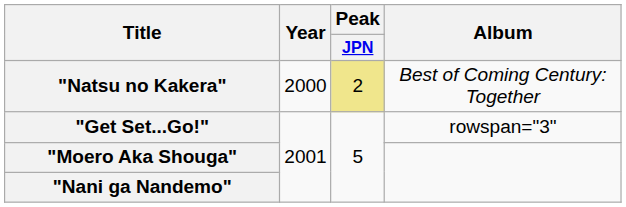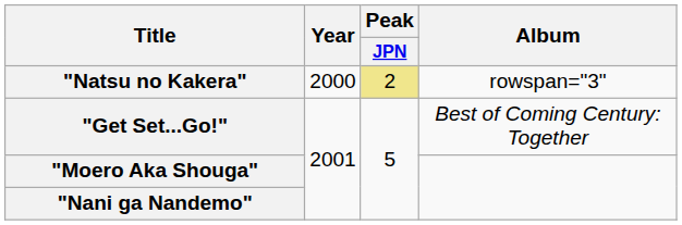 <table class="wikitable plainrowheaders" style="text-align:center;">
 <tr>
 <th scope="col" rowspan="2" style="width:14em;">Title</th>
 <th scope="col" rowspan="2" style="width:1em;">Year</th>
 <th scope="col" colspan="1" style="width:1em;">Peak</th>
 <th scope="col" rowspan="2" style="width:12em;">Album</th>
 </tr>
 <tr>
 <th scope="col" style="width:2.5em;font-size:85%;"><a href='#'>JPN</a><br></th>
 </tr>
 <tr>
 <th scope="row">"Natsu no Kakera"</th>
 <td>2000</td>
 <td style="background: khaki;">2</td>
-<td><em>Best of Coming Century: Together</em></td>
+<td>rowspan="3" </td>
 </tr>
 <tr>
 <th scope="row">"Get Set...Go!" </th>
 <td rowspan="3">2001</td>
 <td rowspan="3">5</td>
-<td>rowspan="3" </td>
+<td><em>Best of Coming Century: Together</em></td>
 </tr>
 <tr>
 <th scope="row">"Moero Aka Shouga" </th>
 </tr>
 <tr>
 <th scope="row">"Nani ga Nandemo" </th>
 </tr>
 </table>
